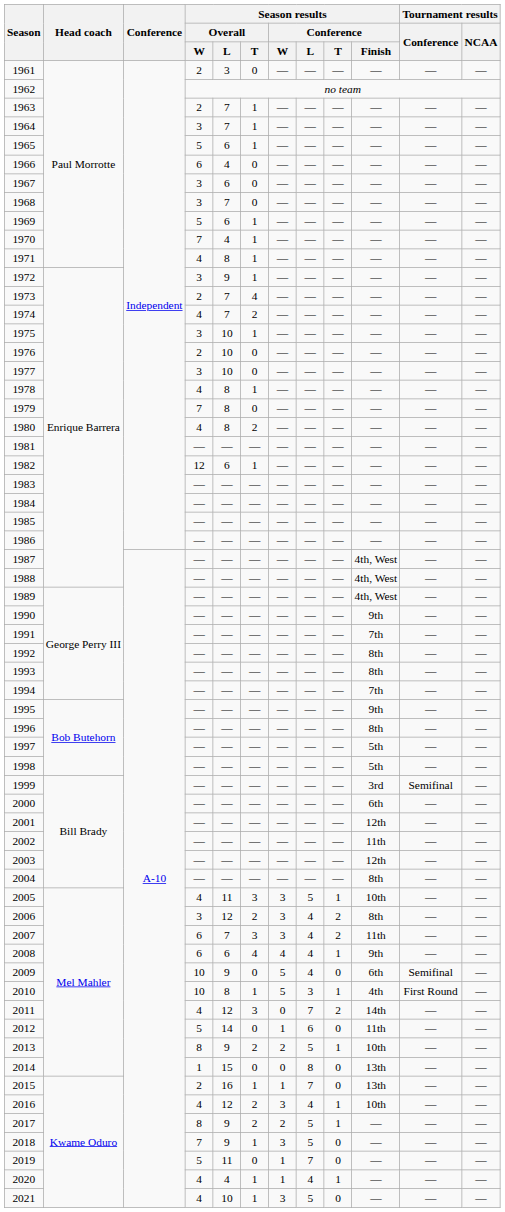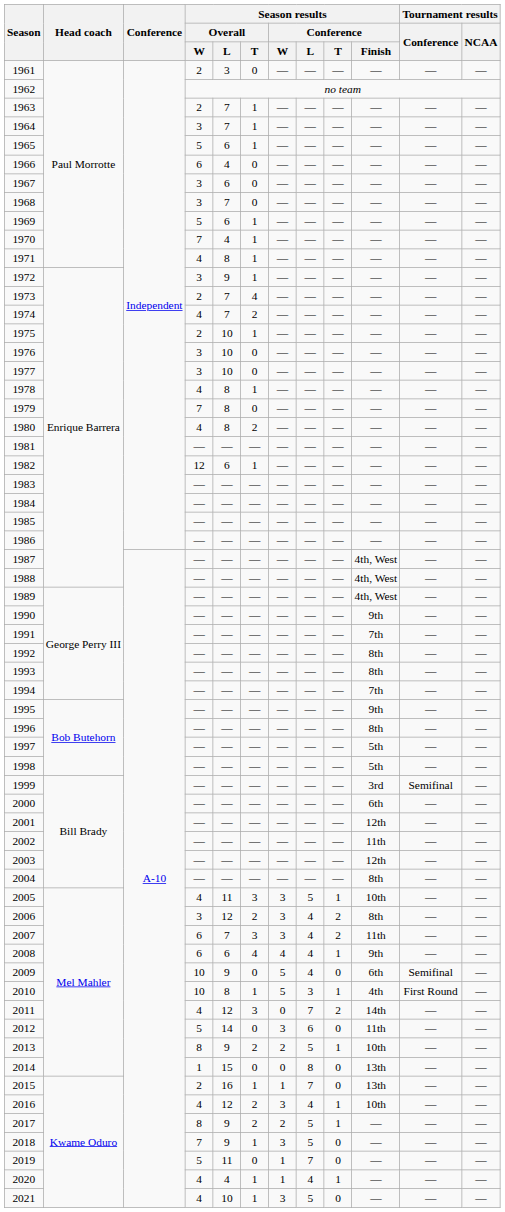 <table class="wikitable" style="font-size: 95%; text-align:center;">
 <tr>
 <th rowspan=3>Season</th>
 <th rowspan=3>Head coach</th>
 <th rowspan=3>Conference</th>
 <th colspan=7>Season results</th>
 <th colspan=2>Tournament results</th>
 </tr>
 <tr>
 <th colspan=3>Overall</th>
 <th colspan=4>Conference</th>
 <th rowspan=2>Conference</th>
 <th rowspan=2>NCAA</th>
 </tr>
 <tr>
 <th width=30>W</th>
 <th width=30>L</th>
 <th width=30>T</th>
 <th width=30>W</th>
 <th width=30>L</th>
 <th width=30>T</th>
 <th>Finish</th>
 </tr>
 <tr>
 <td>1961</td>
 <td rowspan="11">Paul Morrotte</td>
 <td rowspan="26"><a href='#'>Independent</a></td>
 <td>2</td>
 <td>3</td>
 <td>0</td>
 <td>—</td>
 <td>—</td>
 <td>—</td>
 <td>—</td>
 <td>—</td>
 <td>—</td>
 </tr>
 <tr>
 <td>1962</td>
 <td colspan="9"><em>no team</em></td>
 </tr>
 <tr>
 <td>1963</td>
 <td>2</td>
 <td>7</td>
 <td>1</td>
 <td>—</td>
 <td>—</td>
 <td>—</td>
 <td>—</td>
 <td>—</td>
 <td>—</td>
 </tr>
 <tr>
 <td>1964</td>
 <td>3</td>
 <td>7</td>
 <td>1</td>
 <td>—</td>
 <td>—</td>
 <td>—</td>
 <td>—</td>
 <td>—</td>
 <td>—</td>
 </tr>
 <tr>
 <td>1965</td>
 <td>5</td>
 <td>6</td>
 <td>1</td>
 <td>—</td>
 <td>—</td>
 <td>—</td>
 <td>—</td>
 <td>—</td>
 <td>—</td>
 </tr>
 <tr>
 <td>1966</td>
 <td>6</td>
 <td>4</td>
 <td>0</td>
 <td>—</td>
 <td>—</td>
 <td>—</td>
 <td>—</td>
 <td>—</td>
 <td>—</td>
 </tr>
 <tr>
 <td>1967</td>
 <td>3</td>
 <td>6</td>
 <td>0</td>
 <td>—</td>
 <td>—</td>
 <td>—</td>
 <td>—</td>
 <td>—</td>
 <td>—</td>
 </tr>
 <tr>
 <td>1968</td>
 <td>3</td>
 <td>7</td>
 <td>0</td>
 <td>—</td>
 <td>—</td>
 <td>—</td>
 <td>—</td>
 <td>—</td>
 <td>—</td>
 </tr>
 <tr>
 <td>1969</td>
 <td>5</td>
 <td>6</td>
 <td>1</td>
 <td>—</td>
 <td>—</td>
 <td>—</td>
 <td>—</td>
 <td>—</td>
 <td>—</td>
 </tr>
 <tr>
 <td>1970</td>
 <td>7</td>
 <td>4</td>
 <td>1</td>
 <td>—</td>
 <td>—</td>
 <td>—</td>
 <td>—</td>
 <td>—</td>
 <td>—</td>
 </tr>
 <tr>
 <td>1971</td>
 <td>4</td>
 <td>8</td>
 <td>1</td>
 <td>—</td>
 <td>—</td>
 <td>—</td>
 <td>—</td>
 <td>—</td>
 <td>—</td>
 </tr>
 <tr>
 <td>1972</td>
 <td rowspan="17">Enrique Barrera</td>
 <td>3</td>
 <td>9</td>
 <td>1</td>
 <td>—</td>
 <td>—</td>
 <td>—</td>
 <td>—</td>
 <td>—</td>
 <td>—</td>
 </tr>
 <tr>
 <td>1973</td>
 <td>2</td>
 <td>7</td>
 <td>4</td>
 <td>—</td>
 <td>—</td>
 <td>—</td>
 <td>—</td>
 <td>—</td>
 <td>—</td>
 </tr>
 <tr>
 <td>1974</td>
 <td>4</td>
 <td>7</td>
 <td>2</td>
 <td>—</td>
 <td>—</td>
 <td>—</td>
 <td>—</td>
 <td>—</td>
 <td>—</td>
 </tr>
 <tr>
 <td>1975</td>
-<td>3</td>
+<td>2</td>
 <td>10</td>
 <td>1</td>
 <td>—</td>
 <td>—</td>
 <td>—</td>
 <td>—</td>
 <td>—</td>
 <td>—</td>
 </tr>
 <tr>
 <td>1976</td>
-<td>2</td>
+<td>3</td>
 <td>10</td>
 <td>0</td>
 <td>—</td>
 <td>—</td>
 <td>—</td>
 <td>—</td>
 <td>—</td>
 <td>—</td>
 </tr>
 <tr>
 <td>1977</td>
 <td>3</td>
 <td>10</td>
 <td>0</td>
 <td>—</td>
 <td>—</td>
 <td>—</td>
 <td>—</td>
 <td>—</td>
 <td>—</td>
 </tr>
 <tr>
 <td>1978</td>
 <td>4</td>
 <td>8</td>
 <td>1</td>
 <td>—</td>
 <td>—</td>
 <td>—</td>
 <td>—</td>
 <td>—</td>
 <td>—</td>
 </tr>
 <tr>
 <td>1979</td>
 <td>7</td>
 <td>8</td>
 <td>0</td>
 <td>—</td>
 <td>—</td>
 <td>—</td>
 <td>—</td>
 <td>—</td>
 <td>—</td>
 </tr>
 <tr>
 <td>1980</td>
 <td>4</td>
 <td>8</td>
 <td>2</td>
 <td>—</td>
 <td>—</td>
 <td>—</td>
 <td>—</td>
 <td>—</td>
 <td>—</td>
 </tr>
 <tr>
 <td>1981</td>
 <td>—</td>
 <td>—</td>
 <td>—</td>
 <td>—</td>
 <td>—</td>
 <td>—</td>
 <td>—</td>
 <td>—</td>
 <td>—</td>
 </tr>
 <tr>
 <td>1982</td>
 <td>12</td>
 <td>6</td>
 <td>1</td>
 <td>—</td>
 <td>—</td>
 <td>—</td>
 <td>—</td>
 <td>—</td>
 <td>—</td>
 </tr>
 <tr>
 <td>1983</td>
 <td>—</td>
 <td>—</td>
 <td>—</td>
 <td>—</td>
 <td>—</td>
 <td>—</td>
 <td>—</td>
 <td>—</td>
 <td>—</td>
 </tr>
 <tr>
 <td>1984</td>
 <td>—</td>
 <td>—</td>
 <td>—</td>
 <td>—</td>
 <td>—</td>
 <td>—</td>
 <td>—</td>
 <td>—</td>
 <td>—</td>
 </tr>
 <tr>
 <td>1985</td>
 <td>—</td>
 <td>—</td>
 <td>—</td>
 <td>—</td>
 <td>—</td>
 <td>—</td>
 <td>—</td>
 <td>—</td>
 <td>—</td>
 </tr>
 <tr>
 <td>1986</td>
 <td>—</td>
 <td>—</td>
 <td>—</td>
 <td>—</td>
 <td>—</td>
 <td>—</td>
 <td>—</td>
 <td>—</td>
 <td>—</td>
 </tr>
 <tr>
 <td>1987</td>
 <td rowspan="35”"><a href='#'>A-10</a></td>
 <td>—</td>
 <td>—</td>
 <td>—</td>
 <td>—</td>
 <td>—</td>
 <td>—</td>
 <td>4th, West</td>
 <td>—</td>
 <td>—</td>
 </tr>
 <tr>
 <td>1988</td>
 <td>—</td>
 <td>—</td>
 <td>—</td>
 <td>—</td>
 <td>—</td>
 <td>—</td>
 <td>4th, West</td>
 <td>—</td>
 <td>—</td>
 </tr>
 <tr>
 <td>1989</td>
 <td rowspan="6">George Perry III</td>
 <td>—</td>
 <td>—</td>
 <td>—</td>
 <td>—</td>
 <td>—</td>
 <td>—</td>
 <td>4th, West</td>
 <td>—</td>
 <td>—</td>
 </tr>
 <tr>
 <td>1990</td>
 <td>—</td>
 <td>—</td>
 <td>—</td>
 <td>—</td>
 <td>—</td>
 <td>—</td>
 <td>9th</td>
 <td>—</td>
 <td>—</td>
 </tr>
 <tr>
 <td>1991</td>
 <td>—</td>
 <td>—</td>
 <td>—</td>
 <td>—</td>
 <td>—</td>
 <td>—</td>
 <td>7th</td>
 <td>—</td>
 <td>—</td>
 </tr>
 <tr>
 <td>1992</td>
 <td>—</td>
 <td>—</td>
 <td>—</td>
 <td>—</td>
 <td>—</td>
 <td>—</td>
 <td>8th</td>
 <td>—</td>
 <td>—</td>
 </tr>
 <tr>
 <td>1993</td>
 <td>—</td>
 <td>—</td>
 <td>—</td>
 <td>—</td>
 <td>—</td>
 <td>—</td>
 <td>8th</td>
 <td>—</td>
 <td>—</td>
 </tr>
 <tr>
 <td>1994</td>
 <td>—</td>
 <td>—</td>
 <td>—</td>
 <td>—</td>
 <td>—</td>
 <td>—</td>
 <td>7th</td>
 <td>—</td>
 <td>—</td>
 </tr>
 <tr>
 <td>1995</td>
 <td rowspan="4"><a href='#'>Bob Butehorn</a></td>
 <td>—</td>
 <td>—</td>
 <td>—</td>
 <td>—</td>
 <td>—</td>
 <td>—</td>
 <td>9th</td>
 <td>—</td>
 <td>—</td>
 </tr>
 <tr>
 <td>1996</td>
 <td>—</td>
 <td>—</td>
 <td>—</td>
 <td>—</td>
 <td>—</td>
 <td>—</td>
 <td>8th</td>
 <td>—</td>
 <td>—</td>
 </tr>
 <tr>
 <td>1997</td>
 <td>—</td>
 <td>—</td>
 <td>—</td>
 <td>—</td>
 <td>—</td>
 <td>—</td>
 <td>5th</td>
 <td>—</td>
 <td>—</td>
 </tr>
 <tr>
 <td>1998</td>
 <td>—</td>
 <td>—</td>
 <td>—</td>
 <td>—</td>
 <td>—</td>
 <td>—</td>
 <td>5th</td>
 <td>—</td>
 <td>—</td>
 </tr>
 <tr>
 <td>1999</td>
 <td rowspan="6">Bill Brady</td>
 <td>—</td>
 <td>—</td>
 <td>—</td>
 <td>—</td>
 <td>—</td>
 <td>—</td>
 <td>3rd</td>
 <td>Semifinal</td>
 <td>—</td>
 </tr>
 <tr>
 <td>2000</td>
 <td>—</td>
 <td>—</td>
 <td>—</td>
 <td>—</td>
 <td>—</td>
 <td>—</td>
 <td>6th</td>
 <td>—</td>
 <td>—</td>
 </tr>
 <tr>
 <td>2001</td>
 <td>—</td>
 <td>—</td>
 <td>—</td>
 <td>—</td>
 <td>—</td>
 <td>—</td>
 <td>12th</td>
 <td>—</td>
 <td>—</td>
 </tr>
 <tr>
 <td>2002</td>
 <td>—</td>
 <td>—</td>
 <td>—</td>
 <td>—</td>
 <td>—</td>
 <td>—</td>
 <td>11th</td>
 <td>—</td>
 <td>—</td>
 </tr>
 <tr>
 <td>2003</td>
 <td>—</td>
 <td>—</td>
 <td>—</td>
 <td>—</td>
 <td>—</td>
 <td>—</td>
 <td>12th</td>
 <td>—</td>
 <td>—</td>
 </tr>
 <tr>
 <td>2004</td>
 <td>—</td>
 <td>—</td>
 <td>—</td>
 <td>—</td>
 <td>—</td>
 <td>—</td>
 <td>8th</td>
 <td>—</td>
 <td>—</td>
 </tr>
 <tr>
 <td>2005</td>
 <td rowspan="10"><a href='#'>Mel Mahler</a></td>
 <td>4</td>
 <td>11</td>
 <td>3</td>
 <td>3</td>
 <td>5</td>
 <td>1</td>
 <td>10th</td>
 <td>—</td>
 <td>—</td>
 </tr>
 <tr>
 <td>2006</td>
 <td>3</td>
 <td>12</td>
 <td>2</td>
 <td>3</td>
 <td>4</td>
 <td>2</td>
 <td>8th</td>
 <td>—</td>
 <td>—</td>
 </tr>
 <tr>
 <td>2007</td>
 <td>6</td>
 <td>7</td>
 <td>3</td>
 <td>3</td>
 <td>4</td>
 <td>2</td>
 <td>11th</td>
 <td>—</td>
 <td>—</td>
 </tr>
 <tr>
 <td>2008</td>
 <td>6</td>
 <td>6</td>
 <td>4</td>
 <td>4</td>
 <td>4</td>
 <td>1</td>
 <td>9th</td>
 <td>—</td>
 <td>—</td>
 </tr>
 <tr>
 <td>2009</td>
 <td>10</td>
 <td>9</td>
 <td>0</td>
 <td>5</td>
 <td>4</td>
 <td>0</td>
 <td>6th</td>
 <td>Semifinal</td>
 <td>—</td>
 </tr>
 <tr>
 <td>2010</td>
 <td>10</td>
 <td>8</td>
 <td>1</td>
 <td>5</td>
 <td>3</td>
 <td>1</td>
 <td>4th</td>
 <td>First Round</td>
 <td>—</td>
 </tr>
 <tr>
 <td>2011</td>
 <td>4</td>
 <td>12</td>
 <td>3</td>
 <td>0</td>
 <td>7</td>
 <td>2</td>
 <td>14th</td>
 <td>—</td>
 <td>—</td>
 </tr>
 <tr>
 <td>2012</td>
 <td>5</td>
 <td>14</td>
 <td>0</td>
-<td>1</td>
+<td>3</td>
 <td>6</td>
 <td>0</td>
 <td>11th</td>
 <td>—</td>
 <td>—</td>
 </tr>
 <tr>
 <td>2013</td>
 <td>8</td>
 <td>9</td>
 <td>2</td>
 <td>2</td>
 <td>5</td>
 <td>1</td>
 <td>10th</td>
 <td>—</td>
 <td>—</td>
 </tr>
 <tr>
 <td>2014</td>
 <td>1</td>
 <td>15</td>
 <td>0</td>
 <td>0</td>
 <td>8</td>
 <td>0</td>
 <td>13th</td>
 <td>—</td>
 <td>—</td>
 </tr>
 <tr>
 <td>2015</td>
 <td rowspan="7”"><a href='#'>Kwame Oduro</a></td>
 <td>2</td>
 <td>16</td>
 <td>1</td>
 <td>1</td>
 <td>7</td>
 <td>0</td>
 <td>13th</td>
 <td>—</td>
 <td>—</td>
 </tr>
 <tr>
 <td>2016</td>
 <td>4</td>
 <td>12</td>
 <td>2</td>
 <td>3</td>
 <td>4</td>
 <td>1</td>
 <td>10th</td>
 <td>—</td>
 <td>—</td>
 </tr>
 <tr>
 <td>2017</td>
 <td>8</td>
 <td>9</td>
 <td>2</td>
 <td>2</td>
 <td>5</td>
 <td>1</td>
 <td>—</td>
 <td>—</td>
 <td>—</td>
 </tr>
 <tr>
 <td>2018</td>
 <td>7</td>
 <td>9</td>
 <td>1</td>
 <td>3</td>
 <td>5</td>
 <td>0</td>
 <td>—</td>
 <td>—</td>
 <td>—</td>
 </tr>
 <tr>
 <td>2019</td>
 <td>5</td>
 <td>11</td>
 <td>0</td>
 <td>1</td>
 <td>7</td>
 <td>0</td>
 <td>—</td>
 <td>—</td>
 <td>—</td>
 </tr>
 <tr>
 <td>2020</td>
 <td>4</td>
 <td>4</td>
 <td>1</td>
 <td>1</td>
 <td>4</td>
 <td>1</td>
 <td>—</td>
 <td>—</td>
 <td>—</td>
 </tr>
 <tr>
 <td>2021</td>
 <td>4</td>
 <td>10</td>
 <td>1</td>
 <td>3</td>
 <td>5</td>
 <td>0</td>
 <td>—</td>
 <td>—</td>
 <td>—</td>
 </tr>
 </table>
